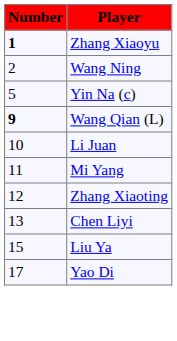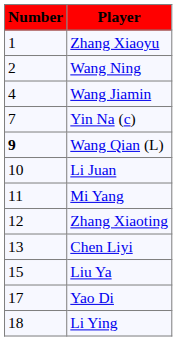 <table bgcolor="#f7f8ff" cellpadding="3" cellspacing="0" border="1" style="font-size: 95%; border: gray solid 1px; border-collapse: collapse;">
 <tr bgcolor="#ff0000">
 <td align=center><strong>Number</strong></td>
 <td align=center><strong>Player</strong></td>
 </tr>
 <tr align="left">
-<td><strong>1</strong></td>
+<td>1</td>
 <td> <a href='#'>Zhang Xiaoyu</a></td>
 </tr>
 <tr align=left>
 <td>2</td>
 <td> <a href='#'>Wang Ning</a></td>
 </tr>
 <tr align="left">
-<td>5</td>
+<td>4</td>
+<td> <a href='#'>Wang Jiamin</a></td>
+</tr>
+<tr align="left">
+<td>7</td>
 <td> <a href='#'>Yin Na</a> (<a href='#'>c</a>)</td>
 </tr>
 <tr align="left">
 <td><strong>9</strong></td>
 <td> <a href='#'>Wang Qian</a> (L)</td>
 </tr>
 <tr align="left">
 <td>10</td>
 <td> <a href='#'>Li Juan</a></td>
 </tr>
 <tr align="left">
 <td>11</td>
 <td> <a href='#'>Mi Yang</a></td>
 </tr>
 <tr align="left">
 <td>12</td>
 <td> <a href='#'>Zhang Xiaoting</a></td>
 </tr>
 <tr align="left">
 <td>13</td>
 <td> <a href='#'>Chen Liyi</a></td>
 </tr>
 <tr align="left">
 <td>15</td>
 <td> <a href='#'>Liu Ya</a></td>
 </tr>
 <tr align="left">
 <td>17</td>
 <td> <a href='#'>Yao Di</a></td>
 </tr>
+<tr align="left">
+<td>18</td>
+<td> <a href='#'>Li Ying</a></td>
+</tr>
 </table>
